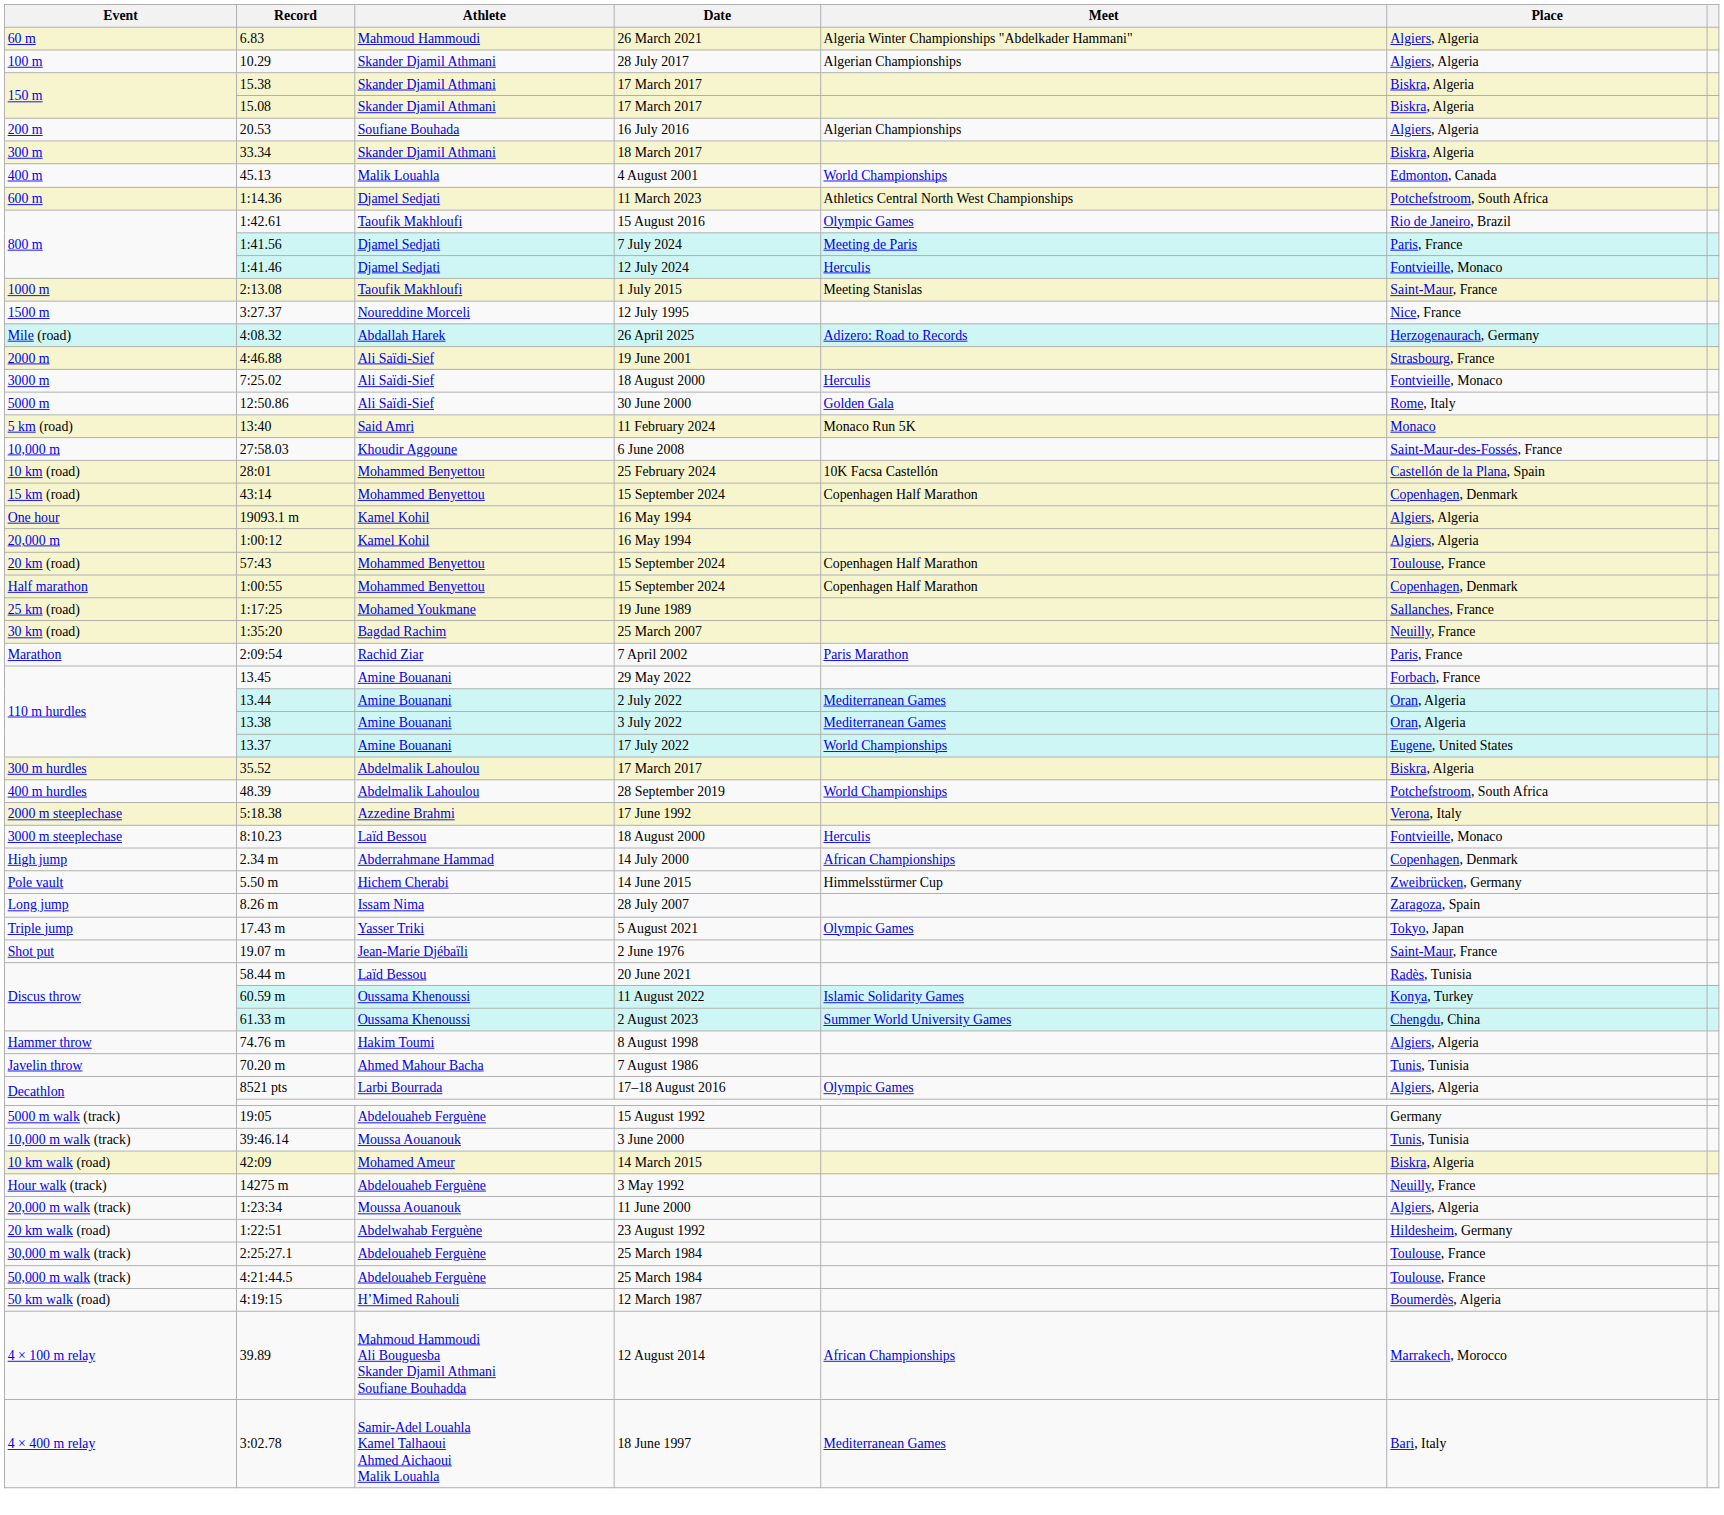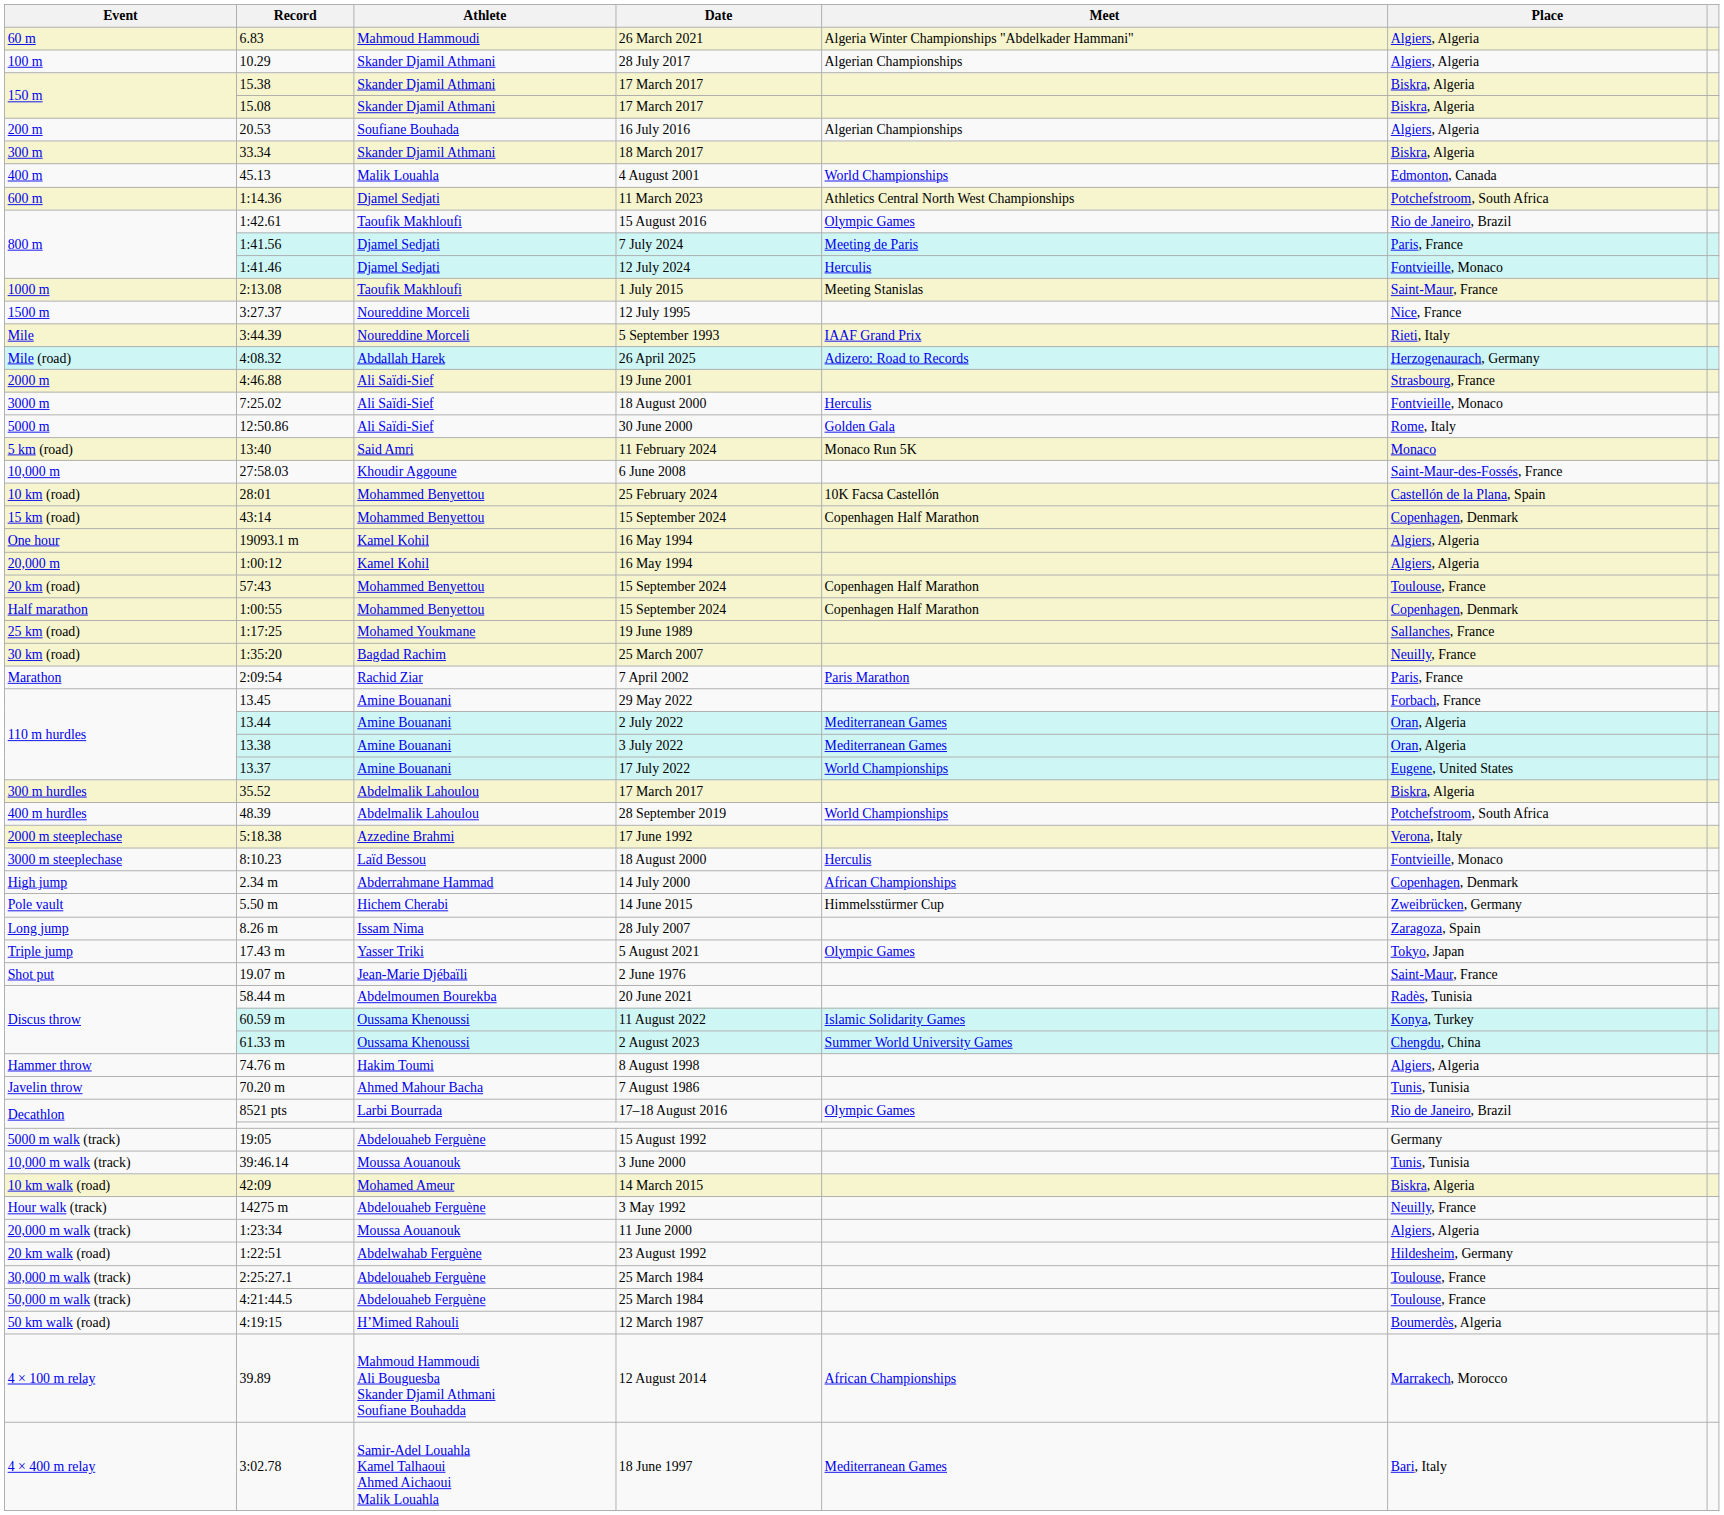 <table class="wikitable" style="font-size:95%; width: 95%;">
 <tr>
 <th>Event</th>
 <th>Record</th>
 <th>Athlete</th>
 <th>Date</th>
 <th>Meet</th>
 <th>Place</th>
 <th></th>
 </tr>
 <tr style="background:#f6F5CE;">
 <td><a href='#'>60 m</a></td>
 <td>6.83 </td>
 <td><a href='#'>Mahmoud Hammoudi</a></td>
 <td>26 March 2021</td>
 <td>Algeria Winter Championships "Abdelkader Hammani"</td>
 <td><a href='#'>Algiers</a>, Algeria</td>
 <td></td>
 </tr>
 <tr>
 <td><a href='#'>100 m</a></td>
 <td>10.29 </td>
 <td><a href='#'>Skander Djamil Athmani</a></td>
 <td>28 July 2017</td>
 <td>Algerian Championships</td>
 <td><a href='#'>Algiers</a>, Algeria</td>
 <td></td>
 </tr>
 <tr style="background:#f6F5CE;">
 <td rowspan=2><a href='#'>150 m</a></td>
 <td>15.38 </td>
 <td><a href='#'>Skander Djamil Athmani</a></td>
 <td>17 March 2017</td>
 <td></td>
 <td><a href='#'>Biskra</a>, Algeria</td>
 <td></td>
 </tr>
 <tr style="background:#f6F5CE;">
 <td>15.08 </td>
 <td><a href='#'>Skander Djamil Athmani</a></td>
 <td>17 March 2017</td>
 <td></td>
 <td><a href='#'>Biskra</a>, Algeria</td>
 <td></td>
 </tr>
 <tr>
 <td><a href='#'>200 m</a></td>
 <td>20.53 </td>
 <td><a href='#'>Soufiane Bouhada</a></td>
 <td>16 July 2016</td>
 <td>Algerian Championships</td>
 <td><a href='#'>Algiers</a>, Algeria</td>
 <td></td>
 </tr>
 <tr style="background:#f6F5CE;">
 <td><a href='#'>300 m</a></td>
 <td>33.34</td>
 <td><a href='#'>Skander Djamil Athmani</a></td>
 <td>18 March 2017</td>
 <td></td>
 <td><a href='#'>Biskra</a>, Algeria</td>
 <td></td>
 </tr>
 <tr>
 <td><a href='#'>400 m</a></td>
 <td>45.13</td>
 <td><a href='#'>Malik Louahla</a></td>
 <td>4 August 2001</td>
 <td><a href='#'>World Championships</a></td>
 <td><a href='#'>Edmonton</a>, Canada</td>
 <td></td>
 </tr>
 <tr style="background:#f6F5CE;">
 <td><a href='#'>600 m</a></td>
 <td>1:14.36</td>
 <td><a href='#'>Djamel Sedjati</a></td>
 <td>11 March 2023</td>
 <td>Athletics Central North West Championships</td>
 <td><a href='#'>Potchefstroom</a>, South Africa</td>
 <td></td>
 </tr>
 <tr>
 <td rowspan=3><a href='#'>800 m</a></td>
 <td>1:42.61</td>
 <td><a href='#'>Taoufik Makhloufi</a></td>
 <td>15 August 2016</td>
 <td><a href='#'>Olympic Games</a></td>
 <td><a href='#'>Rio de Janeiro</a>, Brazil</td>
 <td></td>
 </tr>
 <tr bgcolor=#CEF6F5>
 <td>1:41.56</td>
 <td><a href='#'>Djamel Sedjati</a></td>
 <td>7 July 2024</td>
 <td><a href='#'>Meeting de Paris</a></td>
 <td><a href='#'>Paris</a>, France</td>
 <td></td>
 </tr>
 <tr bgcolor="#CEF6F5">
 <td>1:41.46</td>
 <td><a href='#'>Djamel Sedjati</a></td>
 <td>12 July 2024</td>
 <td><a href='#'>Herculis</a></td>
 <td><a href='#'>Fontvieille</a>, Monaco</td>
 <td></td>
 </tr>
 <tr style="background:#f6F5CE;">
 <td><a href='#'>1000 m</a></td>
 <td>2:13.08</td>
 <td><a href='#'>Taoufik Makhloufi</a></td>
 <td>1 July 2015</td>
 <td>Meeting Stanislas</td>
 <td><a href='#'>Saint-Maur</a>, France</td>
 <td></td>
 </tr>
 <tr>
 <td><a href='#'>1500 m</a></td>
 <td>3:27.37</td>
 <td><a href='#'>Noureddine Morceli</a></td>
 <td>12 July 1995</td>
 <td></td>
 <td><a href='#'>Nice</a>, France</td>
+<td></td>
+</tr>
+<tr style="background:#f6F5CE;">
+<td><a href='#'>Mile</a></td>
+<td>3:44.39</td>
+<td><a href='#'>Noureddine Morceli</a></td>
+<td>5 September 1993</td>
+<td><a href='#'>IAAF Grand Prix</a></td>
+<td><a href='#'>Rieti</a>, Italy</td>
 <td></td>
 </tr>
 <tr bgcolor=#CEF6F5>
 <td><a href='#'>Mile</a> (road)</td>
 <td>4:08.32</td>
 <td><a href='#'>Abdallah Harek</a></td>
 <td>26 April 2025</td>
 <td><a href='#'>Adizero: Road to Records</a></td>
 <td><a href='#'>Herzogenaurach</a>, Germany</td>
 <td></td>
 </tr>
 <tr style="background:#f6F5CE;">
 <td><a href='#'>2000 m</a></td>
 <td>4:46.88</td>
 <td><a href='#'>Ali Saïdi-Sief</a></td>
 <td>19 June 2001</td>
 <td></td>
 <td><a href='#'>Strasbourg</a>, France</td>
 <td></td>
 </tr>
 <tr>
 <td><a href='#'>3000 m</a></td>
 <td>7:25.02</td>
 <td><a href='#'>Ali Saïdi-Sief</a></td>
 <td>18 August 2000</td>
 <td><a href='#'>Herculis</a></td>
 <td><a href='#'>Fontvieille</a>, Monaco</td>
 <td></td>
 </tr>
 <tr>
 <td><a href='#'>5000 m</a></td>
 <td>12:50.86</td>
 <td><a href='#'>Ali Saïdi-Sief</a></td>
 <td>30 June 2000</td>
 <td><a href='#'>Golden Gala</a></td>
 <td><a href='#'>Rome</a>, Italy</td>
 <td></td>
 </tr>
 <tr style="background:#f6F5CE;">
 <td><a href='#'>5 km</a> (road)</td>
 <td>13:40</td>
 <td><a href='#'>Said Amri</a></td>
 <td>11 February 2024</td>
 <td>Monaco Run 5K</td>
 <td><a href='#'>Monaco</a></td>
 <td></td>
 </tr>
 <tr>
 <td><a href='#'>10,000 m</a></td>
 <td>27:58.03</td>
 <td><a href='#'>Khoudir Aggoune</a></td>
 <td>6 June 2008</td>
 <td></td>
 <td><a href='#'>Saint-Maur-des-Fossés</a>, France</td>
 <td></td>
 </tr>
 <tr style="background:#f6F5CE;">
 <td><a href='#'>10 km</a> (road)</td>
 <td>28:01</td>
 <td><a href='#'>Mohammed Benyettou</a></td>
 <td>25 February 2024</td>
 <td>10K Facsa Castellón</td>
 <td><a href='#'>Castellón de la Plana</a>, Spain</td>
 <td></td>
 </tr>
 <tr style="background:#f6F5CE;">
 <td><a href='#'>15 km</a> (road)</td>
 <td>43:14</td>
 <td><a href='#'>Mohammed Benyettou</a></td>
 <td>15 September 2024</td>
 <td>Copenhagen Half Marathon</td>
 <td><a href='#'>Copenhagen</a>, Denmark</td>
 <td></td>
 </tr>
 <tr style="background:#f6F5CE;">
 <td><a href='#'>One hour</a></td>
 <td>19093.1 m </td>
 <td><a href='#'>Kamel Kohil</a></td>
 <td>16 May 1994</td>
 <td></td>
 <td><a href='#'>Algiers</a>, Algeria</td>
 <td></td>
 </tr>
 <tr style="background:#f6F5CE;">
 <td><a href='#'>20,000 m</a></td>
 <td>1:00:12</td>
 <td><a href='#'>Kamel Kohil</a></td>
 <td>16 May 1994</td>
 <td></td>
 <td><a href='#'>Algiers</a>, Algeria</td>
 <td></td>
 </tr>
 <tr style="background:#f6F5CE;">
 <td><a href='#'>20 km</a> (road)</td>
 <td>57:43</td>
 <td><a href='#'>Mohammed Benyettou</a></td>
 <td>15 September 2024</td>
 <td>Copenhagen Half Marathon</td>
 <td><a href='#'>Toulouse</a>, France</td>
 <td></td>
 </tr>
 <tr style="background:#f6F5CE;">
 <td><a href='#'>Half marathon</a></td>
 <td>1:00:55</td>
 <td><a href='#'>Mohammed Benyettou</a></td>
 <td>15 September 2024</td>
 <td>Copenhagen Half Marathon</td>
 <td><a href='#'>Copenhagen</a>, Denmark</td>
 <td></td>
 </tr>
 <tr style="background:#f6F5CE;">
 <td><a href='#'>25 km</a> (road)</td>
 <td>1:17:25</td>
 <td><a href='#'>Mohamed Youkmane</a></td>
 <td>19 June 1989</td>
 <td></td>
 <td><a href='#'>Sallanches</a>, France</td>
 <td></td>
 </tr>
 <tr style="background:#f6F5CE;">
 <td><a href='#'>30 km</a> (road)</td>
 <td>1:35:20</td>
 <td><a href='#'>Bagdad Rachim</a></td>
 <td>25 March 2007</td>
 <td></td>
 <td><a href='#'>Neuilly</a>, France</td>
 <td></td>
 </tr>
 <tr>
 <td><a href='#'>Marathon</a></td>
 <td>2:09:54</td>
 <td><a href='#'>Rachid Ziar</a></td>
 <td>7 April 2002</td>
 <td><a href='#'>Paris Marathon</a></td>
 <td><a href='#'>Paris</a>, France</td>
 <td></td>
 </tr>
 <tr>
 <td rowspan=4><a href='#'>110 m hurdles</a></td>
 <td>13.45 </td>
 <td><a href='#'>Amine Bouanani</a></td>
 <td>29 May 2022</td>
 <td></td>
 <td><a href='#'>Forbach</a>, France</td>
 <td></td>
 </tr>
 <tr style="background:#CEF6F5">
 <td>13.44 </td>
 <td><a href='#'>Amine Bouanani</a></td>
 <td>2 July 2022</td>
 <td><a href='#'>Mediterranean Games</a></td>
 <td><a href='#'>Oran</a>, Algeria</td>
 <td></td>
 </tr>
 <tr style="background:#CEF6F5">
 <td>13.38 </td>
 <td><a href='#'>Amine Bouanani</a></td>
 <td>3 July 2022</td>
 <td><a href='#'>Mediterranean Games</a></td>
 <td><a href='#'>Oran</a>, Algeria</td>
 <td></td>
 </tr>
 <tr style="background:#CEF6F5">
 <td>13.37 </td>
 <td><a href='#'>Amine Bouanani</a></td>
 <td>17 July 2022</td>
 <td><a href='#'>World Championships</a></td>
 <td><a href='#'>Eugene</a>, United States</td>
 <td></td>
 </tr>
 <tr style="background:#f6F5CE;">
 <td><a href='#'>300 m hurdles</a></td>
 <td>35.52</td>
 <td><a href='#'>Abdelmalik Lahoulou</a></td>
 <td>17 March 2017</td>
 <td></td>
 <td><a href='#'>Biskra</a>, Algeria</td>
 <td></td>
 </tr>
 <tr>
 <td><a href='#'>400 m hurdles</a></td>
 <td>48.39</td>
 <td><a href='#'>Abdelmalik Lahoulou</a></td>
 <td>28 September 2019</td>
 <td><a href='#'>World Championships</a></td>
 <td><a href='#'>Potchefstroom</a>, South Africa</td>
 <td></td>
 </tr>
 <tr style="background:#f6F5CE;">
 <td><a href='#'>2000 m steeplechase</a></td>
 <td>5:18.38</td>
 <td><a href='#'>Azzedine Brahmi</a></td>
 <td>17 June 1992</td>
 <td></td>
 <td><a href='#'>Verona</a>, Italy</td>
 <td></td>
 </tr>
 <tr>
 <td><a href='#'>3000 m steeplechase</a></td>
 <td>8:10.23</td>
 <td><a href='#'>Laïd Bessou</a></td>
 <td>18 August 2000</td>
 <td><a href='#'>Herculis</a></td>
 <td><a href='#'>Fontvieille</a>, Monaco</td>
 <td></td>
 </tr>
 <tr>
 <td><a href='#'>High jump</a></td>
 <td>2.34 m</td>
 <td><a href='#'>Abderrahmane Hammad</a></td>
 <td>14 July 2000</td>
 <td><a href='#'>African Championships</a></td>
 <td><a href='#'>Copenhagen</a>, Denmark</td>
 <td></td>
 </tr>
 <tr>
 <td><a href='#'>Pole vault</a></td>
 <td>5.50 m</td>
 <td><a href='#'>Hichem Cherabi</a></td>
 <td>14 June 2015</td>
 <td>Himmelsstürmer Cup</td>
 <td><a href='#'>Zweibrücken</a>, Germany</td>
 <td></td>
 </tr>
 <tr>
 <td><a href='#'>Long jump</a></td>
 <td>8.26 m </td>
 <td><a href='#'>Issam Nima</a></td>
 <td>28 July 2007</td>
 <td></td>
 <td><a href='#'>Zaragoza</a>, Spain</td>
 <td></td>
 </tr>
 <tr>
 <td><a href='#'>Triple jump</a></td>
 <td>17.43 m </td>
 <td><a href='#'>Yasser Triki</a></td>
 <td>5 August 2021</td>
 <td><a href='#'>Olympic Games</a></td>
 <td><a href='#'>Tokyo</a>, Japan</td>
 <td></td>
 </tr>
 <tr>
 <td><a href='#'>Shot put</a></td>
 <td>19.07 m</td>
 <td><a href='#'>Jean-Marie Djébaïli</a></td>
 <td>2 June 1976</td>
 <td></td>
 <td><a href='#'>Saint-Maur</a>, France</td>
 <td></td>
 </tr>
 <tr>
 <td rowspan=3><a href='#'>Discus throw</a></td>
 <td>58.44 m</td>
-<td><a href='#'>Laïd Bessou</a></td>
+<td><a href='#'>Abdelmoumen Bourekba</a></td>
 <td>20 June 2021</td>
 <td></td>
 <td><a href='#'>Radès</a>, Tunisia</td>
 <td></td>
 </tr>
 <tr bgcolor=#CEF6F5>
 <td>60.59 m</td>
 <td><a href='#'>Oussama Khenoussi</a></td>
 <td>11 August 2022</td>
 <td><a href='#'>Islamic Solidarity Games</a></td>
 <td><a href='#'>Konya</a>, Turkey</td>
 <td></td>
 </tr>
 <tr bgcolor=#CEF6F5>
 <td>61.33 m</td>
 <td><a href='#'>Oussama Khenoussi</a></td>
 <td>2 August 2023</td>
 <td><a href='#'>Summer World University Games</a></td>
 <td><a href='#'>Chengdu</a>, China</td>
 <td></td>
 </tr>
 <tr>
 <td><a href='#'>Hammer throw</a></td>
 <td>74.76 m</td>
 <td><a href='#'>Hakim Toumi</a></td>
 <td>8 August 1998</td>
 <td></td>
 <td><a href='#'>Algiers</a>, Algeria</td>
 <td></td>
 </tr>
 <tr>
 <td><a href='#'>Javelin throw</a></td>
 <td>70.20 m</td>
 <td><a href='#'>Ahmed Mahour Bacha</a></td>
 <td>7 August 1986</td>
 <td></td>
 <td><a href='#'>Tunis</a>, Tunisia</td>
 <td></td>
 </tr>
 <tr>
 <td rowspan=2><a href='#'>Decathlon</a></td>
 <td>8521 pts</td>
 <td><a href='#'>Larbi Bourrada</a></td>
 <td>17–18 August 2016</td>
 <td><a href='#'>Olympic Games</a></td>
-<td><a href='#'>Algiers</a>, Algeria</td>
+<td><a href='#'>Rio de Janeiro</a>, Brazil</td>
 <td></td>
 </tr>
 <tr>
 <td colspan=5></td>
 <td></td>
 </tr>
 <tr>
 <td><a href='#'>5000 m walk</a> (track)</td>
 <td>19:05</td>
 <td><a href='#'>Abdelouaheb Ferguène</a></td>
 <td>15 August 1992</td>
 <td></td>
 <td>Germany</td>
 <td></td>
 </tr>
 <tr>
 <td><a href='#'>10,000 m walk</a> (track)</td>
 <td>39:46.14</td>
 <td><a href='#'>Moussa Aouanouk</a></td>
 <td>3 June 2000</td>
 <td></td>
 <td><a href='#'>Tunis</a>, Tunisia</td>
 <td></td>
 </tr>
 <tr style="background:#f6F5CE;">
 <td><a href='#'>10 km walk</a> (road)</td>
 <td>42:09</td>
 <td><a href='#'>Mohamed Ameur</a></td>
 <td>14 March 2015</td>
 <td></td>
 <td><a href='#'>Biskra</a>, Algeria</td>
 <td></td>
 </tr>
 <tr>
 <td><a href='#'>Hour walk</a> (track)</td>
 <td>14275 m</td>
 <td><a href='#'>Abdelouaheb Ferguène</a></td>
 <td>3 May 1992</td>
 <td></td>
 <td><a href='#'>Neuilly</a>, France</td>
 <td></td>
 </tr>
 <tr>
 <td><a href='#'>20,000 m walk</a> (track)</td>
 <td>1:23:34</td>
 <td><a href='#'>Moussa Aouanouk</a></td>
 <td>11 June 2000</td>
 <td></td>
 <td><a href='#'>Algiers</a>, Algeria</td>
 <td></td>
 </tr>
 <tr>
 <td><a href='#'>20 km walk</a> (road)</td>
 <td>1:22:51</td>
 <td><a href='#'>Abdelwahab Ferguène</a></td>
 <td>23 August 1992</td>
 <td></td>
 <td><a href='#'>Hildesheim</a>, Germany</td>
 <td></td>
 </tr>
 <tr>
 <td><a href='#'>30,000 m walk</a> (track)</td>
 <td>2:25:27.1</td>
 <td><a href='#'>Abdelouaheb Ferguène</a></td>
 <td>25 March 1984</td>
 <td></td>
 <td><a href='#'>Toulouse</a>, France</td>
 <td></td>
 </tr>
 <tr>
 <td><a href='#'>50,000 m walk</a> (track)</td>
 <td>4:21:44.5</td>
 <td><a href='#'>Abdelouaheb Ferguène</a></td>
 <td>25 March 1984</td>
 <td></td>
 <td><a href='#'>Toulouse</a>, France</td>
 <td></td>
 </tr>
 <tr>
 <td><a href='#'>50 km walk</a> (road)</td>
 <td>4:19:15</td>
 <td><a href='#'>H’Mimed Rahouli</a></td>
 <td>12 March 1987</td>
 <td></td>
 <td><a href='#'>Boumerdès</a>, Algeria</td>
 <td></td>
 </tr>
 <tr>
 <td><a href='#'>4 × 100 m relay</a></td>
 <td>39.89</td>
 <td><br><a href='#'>Mahmoud Hammoudi</a><br><a href='#'>Ali Bouguesba</a><br><a href='#'>Skander Djamil Athmani</a><br><a href='#'>Soufiane Bouhadda</a></td>
 <td>12 August 2014</td>
 <td><a href='#'>African Championships</a></td>
 <td><a href='#'>Marrakech</a>, Morocco</td>
 <td></td>
 </tr>
 <tr>
 <td><a href='#'>4 × 400 m relay</a></td>
 <td>3:02.78</td>
 <td><br><a href='#'>Samir-Adel Louahla</a><br><a href='#'>Kamel Talhaoui</a><br><a href='#'>Ahmed Aichaoui</a><br><a href='#'>Malik Louahla</a></td>
 <td>18 June 1997</td>
 <td><a href='#'>Mediterranean Games</a></td>
 <td><a href='#'>Bari</a>, Italy</td>
 <td></td>
 </tr>
 </table>
